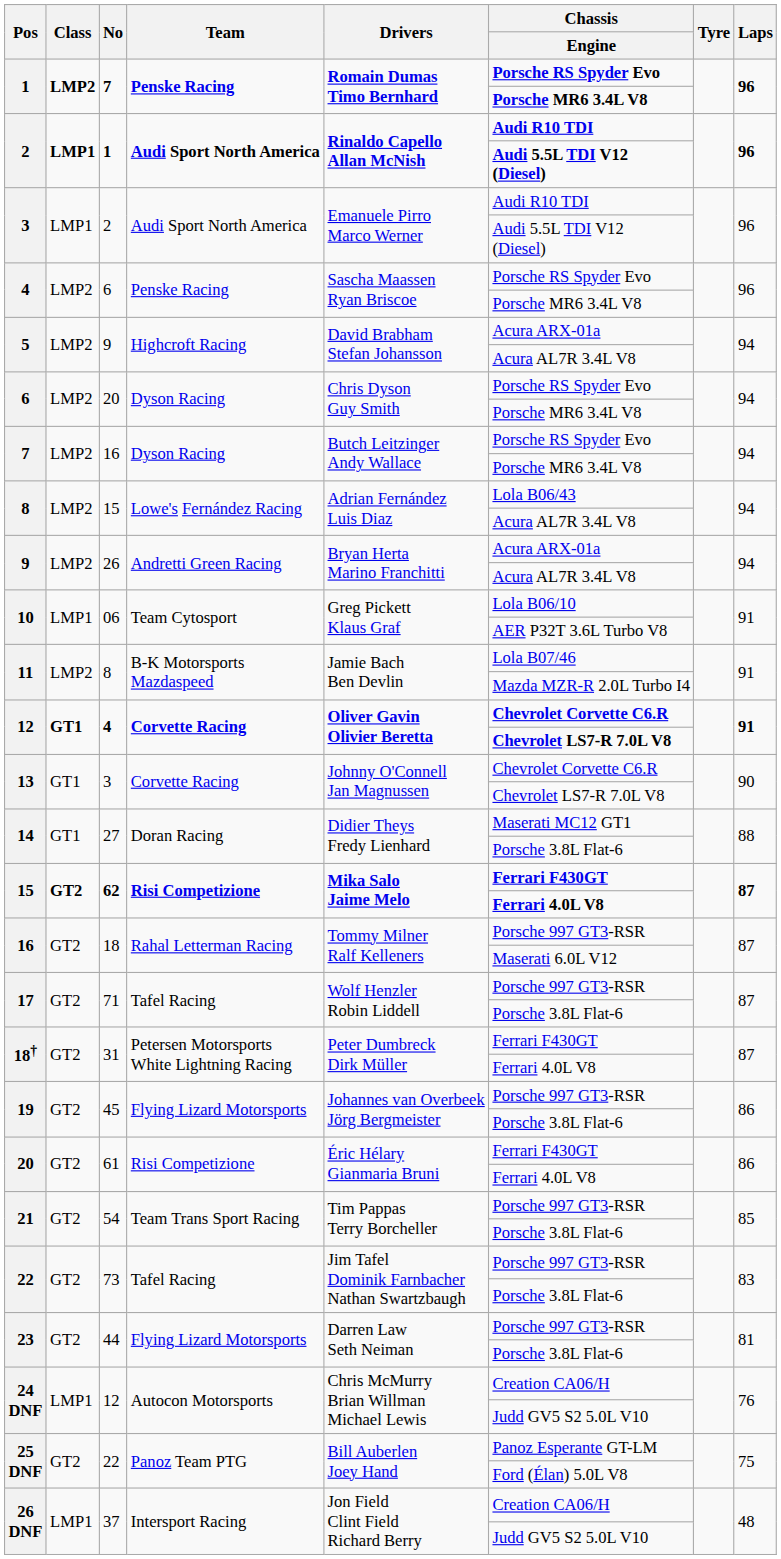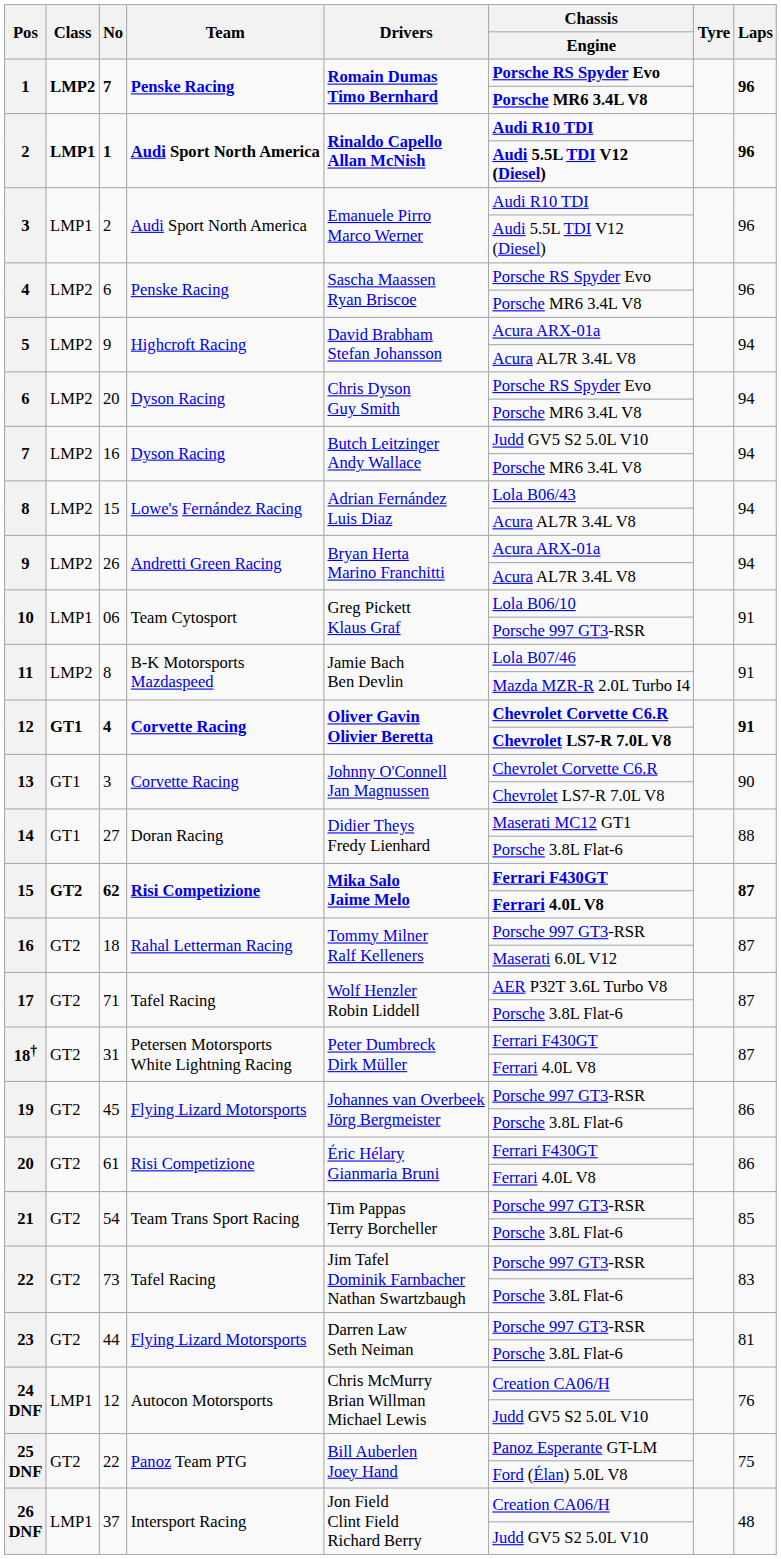 <table class="wikitable" style="font-size: 95%;">
 <tr>
 <th rowspan=2>Pos</th>
 <th rowspan=2>Class</th>
 <th rowspan=2>No</th>
 <th rowspan=2>Team</th>
 <th rowspan=2>Drivers</th>
 <th>Chassis</th>
 <th rowspan=2>Tyre</th>
 <th rowspan=2>Laps</th>
 </tr>
 <tr>
 <th>Engine</th>
 </tr>
 <tr style="font-weight:bold">
 <th rowspan=2>1</th>
 <td rowspan=2>LMP2</td>
 <td rowspan=2>7</td>
 <td rowspan=2> <a href='#'>Penske Racing</a></td>
 <td rowspan=2> <a href='#'>Romain Dumas</a><br> <a href='#'>Timo Bernhard</a></td>
 <td><a href='#'>Porsche RS Spyder</a> Evo</td>
 <td rowspan=2></td>
 <td rowspan=2>96</td>
 </tr>
 <tr style="font-weight:bold">
 <td><a href='#'>Porsche</a> MR6 3.4L V8</td>
 </tr>
 <tr style="font-weight:bold">
 <th rowspan=2>2</th>
 <td rowspan=2>LMP1</td>
 <td rowspan=2>1</td>
 <td rowspan=2> <a href='#'>Audi</a> Sport North America</td>
 <td rowspan=2> <a href='#'>Rinaldo Capello</a><br> <a href='#'>Allan McNish</a></td>
 <td><a href='#'>Audi R10 TDI</a></td>
 <td rowspan=2></td>
 <td rowspan=2>96</td>
 </tr>
 <tr style="font-weight:bold">
 <td><a href='#'>Audi</a> 5.5L <a href='#'>TDI</a> V12<br>(<a href='#'>Diesel</a>)</td>
 </tr>
 <tr>
 <th rowspan=2>3</th>
 <td rowspan=2>LMP1</td>
 <td rowspan=2>2</td>
 <td rowspan=2> <a href='#'>Audi</a> Sport North America</td>
 <td rowspan=2> <a href='#'>Emanuele Pirro</a><br> <a href='#'>Marco Werner</a></td>
 <td><a href='#'>Audi R10 TDI</a></td>
 <td rowspan=2></td>
 <td rowspan=2>96</td>
 </tr>
 <tr>
 <td><a href='#'>Audi</a> 5.5L <a href='#'>TDI</a> V12<br>(<a href='#'>Diesel</a>)</td>
 </tr>
 <tr>
 <th rowspan=2>4</th>
 <td rowspan=2>LMP2</td>
 <td rowspan=2>6</td>
 <td rowspan=2> <a href='#'>Penske Racing</a></td>
 <td rowspan=2> <a href='#'>Sascha Maassen</a><br> <a href='#'>Ryan Briscoe</a></td>
 <td><a href='#'>Porsche RS Spyder</a> Evo</td>
 <td rowspan=2></td>
 <td rowspan=2>96</td>
 </tr>
 <tr>
 <td><a href='#'>Porsche</a> MR6 3.4L V8</td>
 </tr>
 <tr>
 <th rowspan=2>5</th>
 <td rowspan=2>LMP2</td>
 <td rowspan=2>9</td>
 <td rowspan=2> <a href='#'>Highcroft Racing</a></td>
 <td rowspan=2> <a href='#'>David Brabham</a><br> <a href='#'>Stefan Johansson</a></td>
 <td><a href='#'>Acura ARX-01a</a></td>
 <td rowspan=2></td>
 <td rowspan=2>94</td>
 </tr>
 <tr>
 <td><a href='#'>Acura</a> AL7R 3.4L V8</td>
 </tr>
 <tr>
 <th rowspan=2>6</th>
 <td rowspan=2>LMP2</td>
 <td rowspan=2>20</td>
 <td rowspan=2> <a href='#'>Dyson Racing</a></td>
 <td rowspan=2> <a href='#'>Chris Dyson</a><br> <a href='#'>Guy Smith</a></td>
 <td><a href='#'>Porsche RS Spyder</a> Evo</td>
 <td rowspan=2></td>
 <td rowspan=2>94</td>
 </tr>
 <tr>
 <td><a href='#'>Porsche</a> MR6 3.4L V8</td>
 </tr>
 <tr>
 <th rowspan=2>7</th>
 <td rowspan=2>LMP2</td>
 <td rowspan=2>16</td>
 <td rowspan=2> <a href='#'>Dyson Racing</a></td>
 <td rowspan=2> <a href='#'>Butch Leitzinger</a><br> <a href='#'>Andy Wallace</a></td>
-<td><a href='#'>Porsche RS Spyder</a> Evo</td>
+<td><a href='#'>Judd</a> GV5 S2 5.0L V10</td>
 <td rowspan=2></td>
 <td rowspan=2>94</td>
 </tr>
 <tr>
 <td><a href='#'>Porsche</a> MR6 3.4L V8</td>
 </tr>
 <tr>
 <th rowspan=2>8</th>
 <td rowspan=2>LMP2</td>
 <td rowspan=2>15</td>
 <td rowspan=2> <a href='#'>Lowe's</a> <a href='#'>Fernández Racing</a></td>
 <td rowspan=2> <a href='#'>Adrian Fernández</a><br> <a href='#'>Luis Diaz</a></td>
 <td><a href='#'>Lola B06/43</a></td>
 <td rowspan=2></td>
 <td rowspan=2>94</td>
 </tr>
 <tr>
 <td><a href='#'>Acura</a> AL7R 3.4L V8</td>
 </tr>
 <tr>
 <th rowspan=2>9</th>
 <td rowspan=2>LMP2</td>
 <td rowspan=2>26</td>
 <td rowspan=2> <a href='#'>Andretti Green Racing</a></td>
 <td rowspan=2> <a href='#'>Bryan Herta</a><br> <a href='#'>Marino Franchitti</a></td>
 <td><a href='#'>Acura ARX-01a</a></td>
 <td rowspan=2></td>
 <td rowspan=2>94</td>
 </tr>
 <tr>
 <td><a href='#'>Acura</a> AL7R 3.4L V8</td>
 </tr>
 <tr>
 <th rowspan=2>10</th>
 <td rowspan=2>LMP1</td>
 <td rowspan=2>06</td>
 <td rowspan=2> Team Cytosport</td>
 <td rowspan=2> Greg Pickett<br> <a href='#'>Klaus Graf</a></td>
 <td><a href='#'>Lola B06/10</a></td>
 <td rowspan=2></td>
 <td rowspan=2>91</td>
 </tr>
 <tr>
-<td><a href='#'>AER</a> P32T 3.6L Turbo V8</td>
+<td><a href='#'>Porsche 997 GT3</a>-RSR</td>
 </tr>
 <tr>
 <th rowspan=2>11</th>
 <td rowspan=2>LMP2</td>
 <td rowspan=2>8</td>
 <td rowspan=2> B-K Motorsports<br> <a href='#'>Mazdaspeed</a></td>
 <td rowspan=2> Jamie Bach<br> Ben Devlin</td>
 <td><a href='#'>Lola B07/46</a></td>
 <td rowspan=2></td>
 <td rowspan=2>91</td>
 </tr>
 <tr>
 <td><a href='#'>Mazda MZR-R</a> 2.0L Turbo I4</td>
 </tr>
 <tr style="font-weight:bold">
 <th rowspan=2>12</th>
 <td rowspan=2>GT1</td>
 <td rowspan=2>4</td>
 <td rowspan=2> <a href='#'>Corvette Racing</a></td>
 <td rowspan=2> <a href='#'>Oliver Gavin</a><br> <a href='#'>Olivier Beretta</a></td>
 <td><a href='#'>Chevrolet Corvette C6.R</a></td>
 <td rowspan=2></td>
 <td rowspan=2>91</td>
 </tr>
 <tr style="font-weight:bold">
 <td><a href='#'>Chevrolet</a> LS7-R 7.0L V8</td>
 </tr>
 <tr>
 <th rowspan=2>13</th>
 <td rowspan=2>GT1</td>
 <td rowspan=2>3</td>
 <td rowspan=2> <a href='#'>Corvette Racing</a></td>
 <td rowspan=2> <a href='#'>Johnny O'Connell</a><br> <a href='#'>Jan Magnussen</a></td>
 <td><a href='#'>Chevrolet Corvette C6.R</a></td>
 <td rowspan=2></td>
 <td rowspan=2>90</td>
 </tr>
 <tr>
 <td><a href='#'>Chevrolet</a> LS7-R 7.0L V8</td>
 </tr>
 <tr>
 <th rowspan=2>14</th>
 <td rowspan=2>GT1</td>
 <td rowspan=2>27</td>
 <td rowspan=2> Doran Racing</td>
 <td rowspan=2> <a href='#'>Didier Theys</a><br> Fredy Lienhard</td>
 <td><a href='#'>Maserati MC12</a> GT1</td>
 <td rowspan=2></td>
 <td rowspan=2>88</td>
 </tr>
 <tr>
 <td><a href='#'>Porsche</a> 3.8L Flat-6</td>
 </tr>
 <tr style="font-weight:bold">
 <th rowspan=2>15</th>
 <td rowspan=2>GT2</td>
 <td rowspan=2>62</td>
 <td rowspan=2> <a href='#'>Risi Competizione</a></td>
 <td rowspan=2> <a href='#'>Mika Salo</a><br> <a href='#'>Jaime Melo</a></td>
 <td><a href='#'>Ferrari F430GT</a></td>
 <td rowspan=2></td>
 <td rowspan=2>87</td>
 </tr>
 <tr style="font-weight:bold">
 <td><a href='#'>Ferrari</a> 4.0L V8</td>
 </tr>
 <tr>
 <th rowspan=2>16</th>
 <td rowspan=2>GT2</td>
 <td rowspan=2>18</td>
 <td rowspan=2> <a href='#'>Rahal Letterman Racing</a></td>
 <td rowspan=2> <a href='#'>Tommy Milner</a><br> <a href='#'>Ralf Kelleners</a></td>
 <td><a href='#'>Porsche 997 GT3</a>-RSR</td>
 <td rowspan=2></td>
 <td rowspan=2>87</td>
 </tr>
 <tr>
 <td><a href='#'>Maserati</a> 6.0L V12</td>
 </tr>
 <tr>
 <th rowspan=2>17</th>
 <td rowspan=2>GT2</td>
 <td rowspan=2>71</td>
 <td rowspan=2> Tafel Racing</td>
 <td rowspan=2> <a href='#'>Wolf Henzler</a><br> Robin Liddell</td>
-<td><a href='#'>Porsche 997 GT3</a>-RSR</td>
+<td><a href='#'>AER</a> P32T 3.6L Turbo V8</td>
 <td rowspan=2></td>
 <td rowspan=2>87</td>
 </tr>
 <tr>
 <td><a href='#'>Porsche</a> 3.8L Flat-6</td>
 </tr>
 <tr>
 <th rowspan=2>18<sup>†</sup></th>
 <td rowspan=2>GT2</td>
 <td rowspan=2>31</td>
 <td rowspan=2> Petersen Motorsports<br> White Lightning Racing</td>
 <td rowspan=2> <a href='#'>Peter Dumbreck</a><br> <a href='#'>Dirk Müller</a></td>
 <td><a href='#'>Ferrari F430GT</a></td>
 <td rowspan=2></td>
 <td rowspan=2>87</td>
 </tr>
 <tr>
 <td><a href='#'>Ferrari</a> 4.0L V8</td>
 </tr>
 <tr>
 <th rowspan=2>19</th>
 <td rowspan=2>GT2</td>
 <td rowspan=2>45</td>
 <td rowspan=2> <a href='#'>Flying Lizard Motorsports</a></td>
 <td rowspan=2> <a href='#'>Johannes van Overbeek</a><br> <a href='#'>Jörg Bergmeister</a></td>
 <td><a href='#'>Porsche 997 GT3</a>-RSR</td>
 <td rowspan=2></td>
 <td rowspan=2>86</td>
 </tr>
 <tr>
 <td><a href='#'>Porsche</a> 3.8L Flat-6</td>
 </tr>
 <tr>
 <th rowspan=2>20</th>
 <td rowspan=2>GT2</td>
 <td rowspan=2>61</td>
 <td rowspan=2> <a href='#'>Risi Competizione</a></td>
 <td rowspan=2> <a href='#'>Éric Hélary</a><br> <a href='#'>Gianmaria Bruni</a></td>
 <td><a href='#'>Ferrari F430GT</a></td>
 <td rowspan=2></td>
 <td rowspan=2>86</td>
 </tr>
 <tr>
 <td><a href='#'>Ferrari</a> 4.0L V8</td>
 </tr>
 <tr>
 <th rowspan=2>21</th>
 <td rowspan=2>GT2</td>
 <td rowspan=2>54</td>
 <td rowspan=2> Team Trans Sport Racing</td>
 <td rowspan=2> Tim Pappas<br> Terry Borcheller</td>
 <td><a href='#'>Porsche 997 GT3</a>-RSR</td>
 <td rowspan=2></td>
 <td rowspan=2>85</td>
 </tr>
 <tr>
 <td><a href='#'>Porsche</a> 3.8L Flat-6</td>
 </tr>
 <tr>
 <th rowspan=2>22</th>
 <td rowspan=2>GT2</td>
 <td rowspan=2>73</td>
 <td rowspan=2> Tafel Racing</td>
 <td rowspan=2> Jim Tafel<br> <a href='#'>Dominik Farnbacher</a><br> Nathan Swartzbaugh</td>
 <td><a href='#'>Porsche 997 GT3</a>-RSR</td>
 <td rowspan=2></td>
 <td rowspan=2>83</td>
 </tr>
 <tr>
 <td><a href='#'>Porsche</a> 3.8L Flat-6</td>
 </tr>
 <tr>
 <th rowspan=2>23</th>
 <td rowspan=2>GT2</td>
 <td rowspan=2>44</td>
 <td rowspan=2> <a href='#'>Flying Lizard Motorsports</a></td>
 <td rowspan=2> Darren Law<br> Seth Neiman</td>
 <td><a href='#'>Porsche 997 GT3</a>-RSR</td>
 <td rowspan=2></td>
 <td rowspan=2>81</td>
 </tr>
 <tr>
 <td><a href='#'>Porsche</a> 3.8L Flat-6</td>
 </tr>
 <tr>
 <th rowspan=2>24<br>DNF</th>
 <td rowspan=2>LMP1</td>
 <td rowspan=2>12</td>
 <td rowspan=2> Autocon Motorsports</td>
 <td rowspan=2> Chris McMurry<br> Brian Willman<br> Michael Lewis</td>
 <td><a href='#'>Creation CA06/H</a></td>
 <td rowspan=2></td>
 <td rowspan=2>76</td>
 </tr>
 <tr>
 <td><a href='#'>Judd</a> GV5 S2 5.0L V10</td>
 </tr>
 <tr>
 <th rowspan=2>25<br>DNF</th>
 <td rowspan=2>GT2</td>
 <td rowspan=2>22</td>
 <td rowspan=2> <a href='#'>Panoz</a> Team PTG</td>
 <td rowspan=2> <a href='#'>Bill Auberlen</a><br> <a href='#'>Joey Hand</a></td>
 <td><a href='#'>Panoz Esperante</a> GT-LM</td>
 <td rowspan=2></td>
 <td rowspan=2>75</td>
 </tr>
 <tr>
 <td><a href='#'>Ford</a> (<a href='#'>Élan</a>) 5.0L V8</td>
 </tr>
 <tr>
 <th rowspan=2>26<br>DNF</th>
 <td rowspan=2>LMP1</td>
 <td rowspan=2>37</td>
 <td rowspan=2> Intersport Racing</td>
 <td rowspan=2> Jon Field<br> Clint Field<br> Richard Berry</td>
 <td><a href='#'>Creation CA06/H</a></td>
 <td rowspan=2></td>
 <td rowspan=2>48</td>
 </tr>
 <tr>
 <td><a href='#'>Judd</a> GV5 S2 5.0L V10</td>
 </tr>
 </table>
